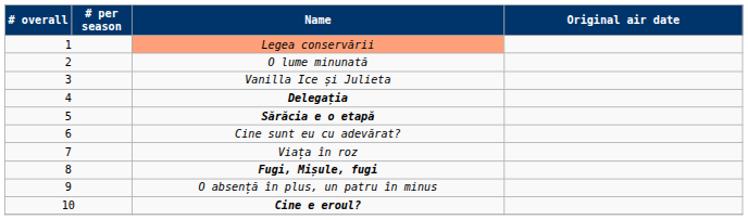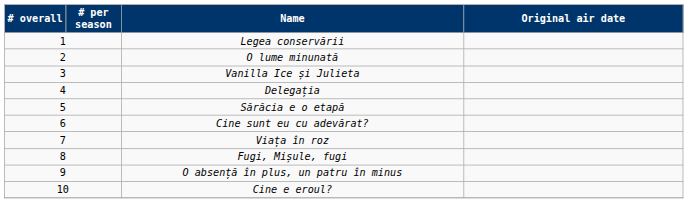 <table class="wikitable" style="text-align: center;">
 <tr>
 <th style="background: #00356B; color:white;" width="2%"># overall</th>
 <th style="background: #00356B; color:white;" width="2%"># per season</th>
 <th style="background: #00356B; color:white;" width="25%">Name</th>
 <th style="background: #00356B; color:white;" width="16%">Original air date</th>
 </tr>
 <tr>
 <td colspan="2">1</td>
-<td style="background: lightsalmon;"><em>Legea conservării</em></td>
+<td><em>Legea conservării</em></td>
 <td></td>
 </tr>
 <tr>
 <td colspan="2">2</td>
 <td><em>O lume minunată</em></td>
 <td></td>
 </tr>
 <tr>
 <td colspan="2">3</td>
 <td><em>Vanilla Ice și Julieta</em></td>
 <td></td>
 </tr>
 <tr>
 <td colspan="2">4</td>
-<td><strong><em>Delegația</em></strong></td>
+<td><em>Delegația</em></td>
 <td></td>
 </tr>
 <tr>
 <td colspan="2">5</td>
-<td><strong><em>Sărăcia e o etapă</em></strong></td>
+<td><em>Sărăcia e o etapă</em></td>
 <td></td>
 </tr>
 <tr>
 <td colspan="2">6</td>
 <td><em>Cine sunt eu cu adevărat?</em></td>
 <td></td>
 </tr>
 <tr>
 <td colspan="2">7</td>
 <td><em>Viața în roz</em></td>
 <td></td>
 </tr>
 <tr>
 <td colspan="2">8</td>
-<td><strong><em>Fugi, Mișule, fugi</em></strong></td>
+<td><em>Fugi, Mișule, fugi</em></td>
 <td></td>
 </tr>
 <tr>
 <td colspan="2">9</td>
 <td><em>O absență în plus, un patru în minus</em></td>
 <td></td>
 </tr>
 <tr>
 <td colspan="2">10</td>
-<td><strong><em>Cine e eroul?</em></strong></td>
+<td><em>Cine e eroul?</em></td>
 <td></td>
 </tr>
 <tr>
 </tr>
 </table>
